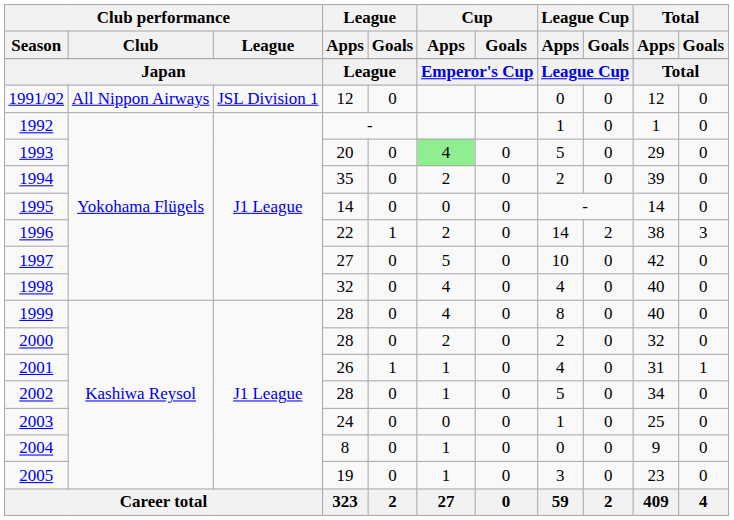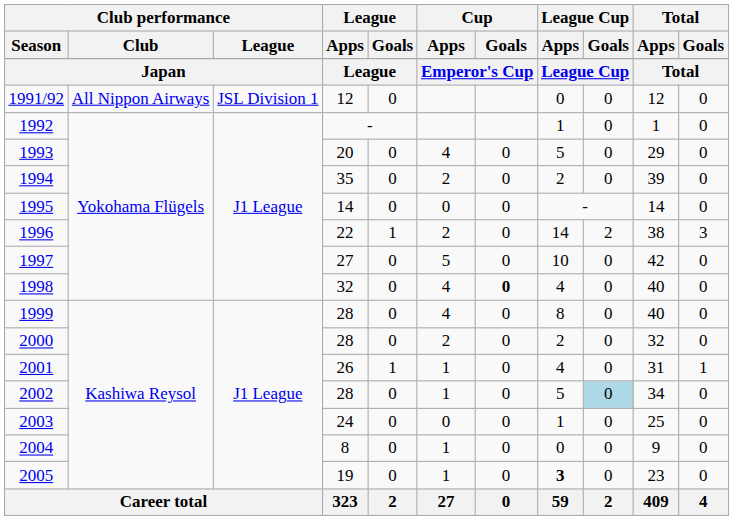 <table class="wikitable" style="text-align:center">
 <tr>
 <th colspan=3>Club performance</th>
 <th colspan=2>League</th>
 <th colspan=2>Cup</th>
 <th colspan=2>League Cup</th>
 <th colspan=2>Total</th>
 </tr>
 <tr>
 <th>Season</th>
 <th>Club</th>
 <th>League</th>
 <th>Apps</th>
 <th>Goals</th>
 <th>Apps</th>
 <th>Goals</th>
 <th>Apps</th>
 <th>Goals</th>
 <th>Apps</th>
 <th>Goals</th>
 </tr>
 <tr>
 </tr>
 <tr>
 <th colspan=3>Japan</th>
 <th colspan=2>League</th>
 <th colspan=2><a href='#'>Emperor's Cup</a></th>
 <th colspan=2><a href='#'>League Cup</a></th>
 <th colspan=2>Total</th>
 </tr>
 <tr>
 <td><a href='#'>1991/92</a></td>
 <td><a href='#'>All Nippon Airways</a></td>
 <td><a href='#'>JSL Division 1</a></td>
 <td>12</td>
 <td>0</td>
 <td></td>
 <td></td>
 <td>0</td>
 <td>0</td>
 <td>12</td>
 <td>0</td>
 </tr>
 <tr>
 <td><a href='#'>1992</a></td>
 <td rowspan="7"><a href='#'>Yokohama Flügels</a></td>
 <td rowspan="7"><a href='#'>J1 League</a></td>
 <td colspan="2">-</td>
 <td></td>
 <td></td>
 <td>1</td>
 <td>0</td>
 <td>1</td>
 <td>0</td>
 </tr>
 <tr>
 <td><a href='#'>1993</a></td>
 <td>20</td>
 <td>0</td>
-<td style="background: lightgreen;">4</td>
+<td>4</td>
 <td>0</td>
 <td>5</td>
 <td>0</td>
 <td>29</td>
 <td>0</td>
 </tr>
 <tr>
 <td><a href='#'>1994</a></td>
 <td>35</td>
 <td>0</td>
 <td>2</td>
 <td>0</td>
 <td>2</td>
 <td>0</td>
 <td>39</td>
 <td>0</td>
 </tr>
 <tr>
 <td><a href='#'>1995</a></td>
 <td>14</td>
 <td>0</td>
 <td>0</td>
 <td>0</td>
 <td colspan="2">-</td>
 <td>14</td>
 <td>0</td>
 </tr>
 <tr>
 <td><a href='#'>1996</a></td>
 <td>22</td>
 <td>1</td>
 <td>2</td>
 <td>0</td>
 <td>14</td>
 <td>2</td>
 <td>38</td>
 <td>3</td>
 </tr>
 <tr>
 <td><a href='#'>1997</a></td>
 <td>27</td>
 <td>0</td>
 <td>5</td>
 <td>0</td>
 <td>10</td>
 <td>0</td>
 <td>42</td>
 <td>0</td>
 </tr>
 <tr>
 <td><a href='#'>1998</a></td>
 <td>32</td>
 <td>0</td>
 <td>4</td>
-<td>0</td>
+<td><strong>0</strong></td>
 <td>4</td>
 <td>0</td>
 <td>40</td>
 <td>0</td>
 </tr>
 <tr>
 <td><a href='#'>1999</a></td>
 <td rowspan="7"><a href='#'>Kashiwa Reysol</a></td>
 <td rowspan="7"><a href='#'>J1 League</a></td>
 <td>28</td>
 <td>0</td>
 <td>4</td>
 <td>0</td>
 <td>8</td>
 <td>0</td>
 <td>40</td>
 <td>0</td>
 </tr>
 <tr>
 <td><a href='#'>2000</a></td>
 <td>28</td>
 <td>0</td>
 <td>2</td>
 <td>0</td>
 <td>2</td>
 <td>0</td>
 <td>32</td>
 <td>0</td>
 </tr>
 <tr>
 <td><a href='#'>2001</a></td>
 <td>26</td>
 <td>1</td>
 <td>1</td>
 <td>0</td>
 <td>4</td>
 <td>0</td>
 <td>31</td>
 <td>1</td>
 </tr>
 <tr>
 <td><a href='#'>2002</a></td>
 <td>28</td>
 <td>0</td>
 <td>1</td>
 <td>0</td>
 <td>5</td>
-<td>0</td>
+<td style="background: lightblue;">0</td>
 <td>34</td>
 <td>0</td>
 </tr>
 <tr>
 <td><a href='#'>2003</a></td>
 <td>24</td>
 <td>0</td>
 <td>0</td>
 <td>0</td>
 <td>1</td>
 <td>0</td>
 <td>25</td>
 <td>0</td>
 </tr>
 <tr>
 <td><a href='#'>2004</a></td>
 <td>8</td>
 <td>0</td>
 <td>1</td>
 <td>0</td>
 <td>0</td>
 <td>0</td>
 <td>9</td>
 <td>0</td>
 </tr>
 <tr>
 <td><a href='#'>2005</a></td>
 <td>19</td>
 <td>0</td>
 <td>1</td>
 <td>0</td>
-<td>3</td>
+<td><strong>3</strong></td>
 <td>0</td>
 <td>23</td>
 <td>0</td>
 </tr>
 <tr>
 <th colspan=3>Career total</th>
 <th>323</th>
 <th>2</th>
 <th>27</th>
 <th>0</th>
 <th>59</th>
 <th>2</th>
 <th>409</th>
 <th>4</th>
 </tr>
 </table>
